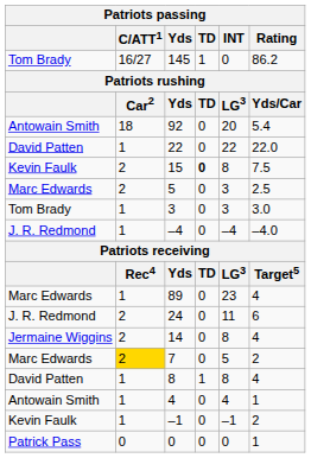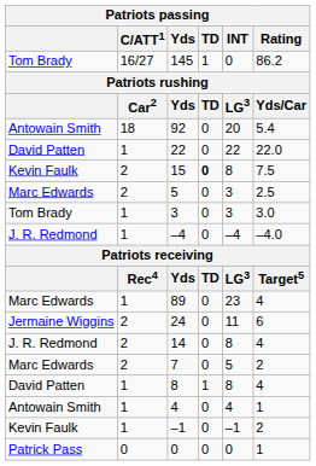 <table class="wikitable">
 <tr>
 <th colspan="6">Patriots passing</th>
 </tr>
 <tr>
 <th></th>
 <th>C/ATT<sup>1</sup></th>
 <th>Yds</th>
 <th>TD</th>
 <th>INT</th>
 <th>Rating</th>
 </tr>
 <tr>
 <td><a href='#'>Tom Brady</a></td>
 <td>16/27</td>
 <td>145</td>
 <td>1</td>
 <td>0</td>
 <td>86.2</td>
 </tr>
 <tr>
 <th colspan="6">Patriots rushing</th>
 </tr>
 <tr>
 <th></th>
 <th>Car<sup>2</sup></th>
 <th>Yds</th>
 <th>TD</th>
 <th>LG<sup>3</sup></th>
 <th>Yds/Car</th>
 </tr>
 <tr>
 <td><a href='#'>Antowain Smith</a></td>
 <td>18</td>
 <td>92</td>
 <td>0</td>
 <td>20</td>
 <td>5.4</td>
 </tr>
 <tr>
 <td><a href='#'>David Patten</a></td>
 <td>1</td>
 <td>22</td>
 <td>0</td>
 <td>22</td>
 <td>22.0</td>
 </tr>
 <tr>
 <td><a href='#'>Kevin Faulk</a></td>
 <td>2</td>
 <td>15</td>
 <td><strong>0</strong></td>
 <td>8</td>
 <td>7.5</td>
 </tr>
 <tr>
 <td><a href='#'>Marc Edwards</a></td>
 <td>2</td>
 <td>5</td>
 <td>0</td>
 <td>3</td>
 <td>2.5</td>
 </tr>
 <tr>
 <td>Tom Brady</td>
 <td>1</td>
 <td>3</td>
 <td>0</td>
 <td>3</td>
 <td>3.0</td>
 </tr>
 <tr>
 <td><a href='#'>J. R. Redmond</a></td>
 <td>1</td>
 <td>–4</td>
 <td>0</td>
 <td>–4</td>
 <td>–4.0</td>
 </tr>
 <tr>
 <th colspan="6">Patriots receiving</th>
 </tr>
 <tr>
 <th></th>
 <th>Rec<sup>4</sup></th>
 <th>Yds</th>
 <th>TD</th>
 <th>LG<sup>3</sup></th>
 <th>Target<sup>5</sup></th>
 </tr>
 <tr>
 <td>Marc Edwards</td>
 <td>1</td>
 <td>89</td>
 <td>0</td>
 <td>23</td>
 <td>4</td>
 </tr>
 <tr>
-<td>J. R. Redmond</td>
+<td><a href='#'>Jermaine Wiggins</a></td>
 <td>2</td>
 <td>24</td>
 <td>0</td>
 <td>11</td>
 <td>6</td>
 </tr>
 <tr>
-<td><a href='#'>Jermaine Wiggins</a></td>
+<td>J. R. Redmond</td>
 <td>2</td>
 <td>14</td>
 <td>0</td>
 <td>8</td>
 <td>4</td>
 </tr>
 <tr>
 <td>Marc Edwards</td>
-<td style="background: gold;">2</td>
+<td>2</td>
 <td>7</td>
 <td>0</td>
 <td>5</td>
 <td>2</td>
 </tr>
 <tr>
 <td>David Patten</td>
 <td>1</td>
 <td>8</td>
 <td>1</td>
 <td>8</td>
 <td>4</td>
 </tr>
 <tr>
 <td>Antowain Smith</td>
 <td>1</td>
 <td>4</td>
 <td>0</td>
 <td>4</td>
 <td>1</td>
 </tr>
 <tr>
 <td>Kevin Faulk</td>
 <td>1</td>
 <td>–1</td>
 <td>0</td>
 <td>–1</td>
 <td>2</td>
 </tr>
 <tr>
 <td><a href='#'>Patrick Pass</a></td>
 <td>0</td>
 <td>0</td>
 <td>0</td>
 <td>0</td>
 <td>1</td>
 </tr>
 </table>
